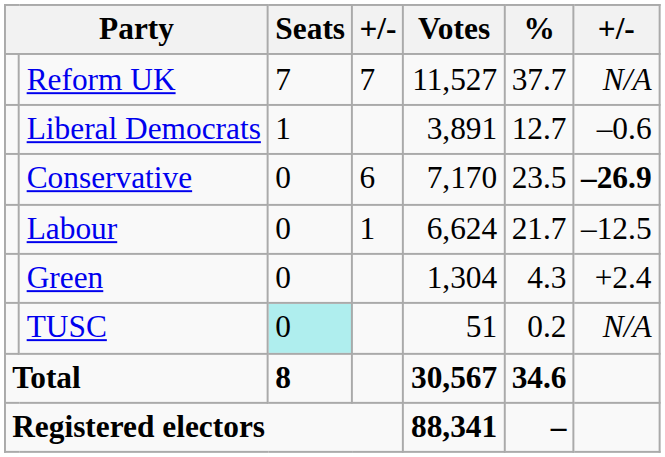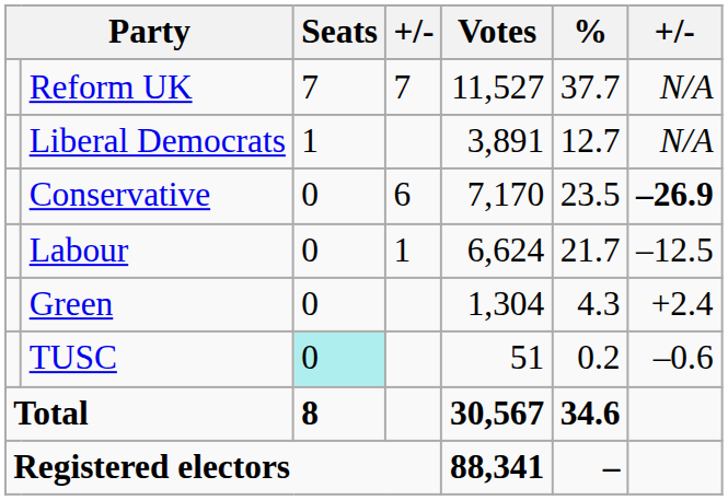 <table class="wikitable sortable">
 <tr>
 <th colspan="2">Party</th>
 <th>Seats</th>
 <th>+/-</th>
 <th>Votes</th>
 <th>%</th>
 <th>+/-</th>
 </tr>
 <tr>
 <td style="background-color: "></td>
 <td><a href='#'>Reform UK</a></td>
 <td>7</td>
 <td> 7</td>
 <td style="text-align:right;">11,527</td>
 <td style="text-align:right;">37.7</td>
 <td style="text-align:right;"><em>N/A</em></td>
 </tr>
 <tr>
 <td style="background-color: "></td>
 <td><a href='#'>Liberal Democrats</a></td>
 <td>1</td>
 <td></td>
 <td style="text-align:right;">3,891</td>
 <td style="text-align:right;">12.7</td>
-<td style="text-align:right;">–0.6</td>
+<td style="text-align:right;"><em>N/A</em></td>
 </tr>
 <tr>
 <td style="background-color: "></td>
 <td><a href='#'>Conservative</a></td>
 <td>0</td>
 <td> 6</td>
 <td style="text-align:right;">7,170</td>
 <td style="text-align:right;">23.5</td>
 <td style="text-align:right;"><strong>–26.9</strong></td>
 </tr>
 <tr>
 <td style="background-color: "></td>
 <td><a href='#'>Labour</a></td>
 <td>0</td>
 <td> 1</td>
 <td style="text-align:right;">6,624</td>
 <td style="text-align:right;">21.7</td>
 <td style="text-align:right;">–12.5</td>
 </tr>
 <tr>
 <td style="background-color: "></td>
 <td><a href='#'>Green</a></td>
 <td>0</td>
 <td></td>
 <td style="text-align:right;">1,304</td>
 <td style="text-align:right;">4.3</td>
 <td style="text-align:right;">+2.4</td>
 </tr>
 <tr>
 <td style="background-color: "></td>
 <td><a href='#'>TUSC</a></td>
 <td style="background: paleturquoise;">0</td>
 <td></td>
 <td style="text-align:right;">51</td>
 <td style="text-align:right;">0.2</td>
-<td style="text-align:right;"><em>N/A</em></td>
+<td style="text-align:right;">–0.6</td>
 </tr>
 <tr>
 <td colspan="2"><strong>Total</strong></td>
 <td><strong>8</strong></td>
 <td></td>
 <td style="text-align:right;"><strong>30,567</strong></td>
 <td style="text-align:right;"><strong>34.6</strong></td>
 <td style="text-align:right;"></td>
 </tr>
 <tr>
 <td colspan="4"><strong>Registered electors</strong></td>
 <td style="text-align:right;"><strong>88,341</strong></td>
 <td style="text-align:right;"><strong>–</strong></td>
 <td style="text-align:right;"></td>
 </tr>
 </table>
